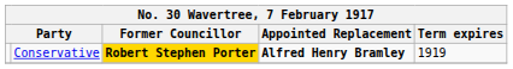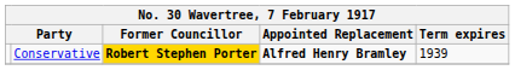 <table class="wikitable">
 <tr>
 <th colspan="5"><strong>No. 30 Wavertree, 7 February 1917</strong></th>
 </tr>
 <tr>
 <th colspan="2">Party</th>
 <th>Former Councillor</th>
 <th>Appointed Replacement</th>
 <th>Term expires</th>
 </tr>
 <tr>
 <td style="background-color:"></td>
 <td><a href='#'>Conservative</a></td>
 <td style="background: gold;"><strong>Robert Stephen Porter</strong></td>
 <td><strong>Alfred Henry Bramley</strong></td>
-<td>1919</td>
+<td>1939</td>
 </tr>
 <tr>
 </tr>
 </table>
